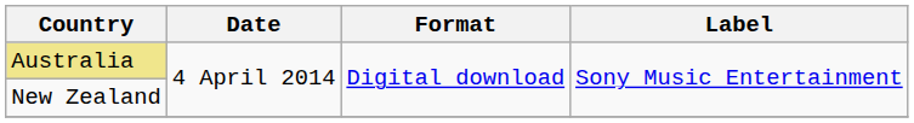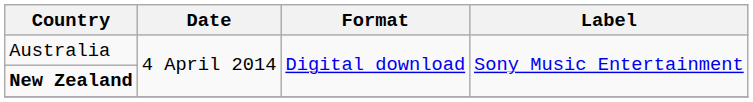 <table class="wikitable">
 <tr>
 <th>Country</th>
 <th>Date</th>
 <th>Format</th>
 <th>Label</th>
 </tr>
 <tr>
-<td style="background: khaki;">Australia</td>
+<td>Australia</td>
 <td rowspan="2">4 April 2014</td>
 <td rowspan="2"><a href='#'>Digital download</a></td>
 <td rowspan="2"><a href='#'>Sony Music Entertainment</a></td>
 </tr>
 <tr>
-<td>New Zealand</td>
+<td><strong>New Zealand</strong></td>
 </tr>
 <tr>
 </tr>
 </table>
